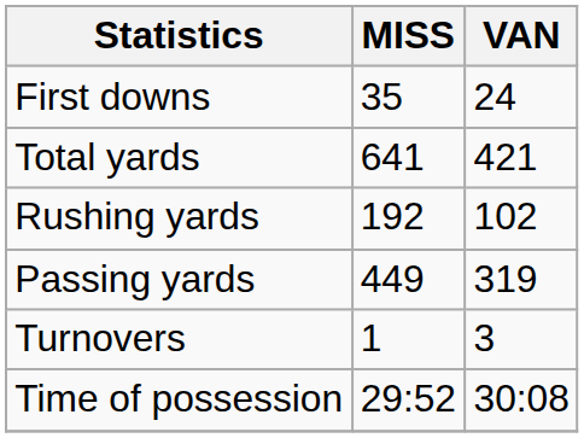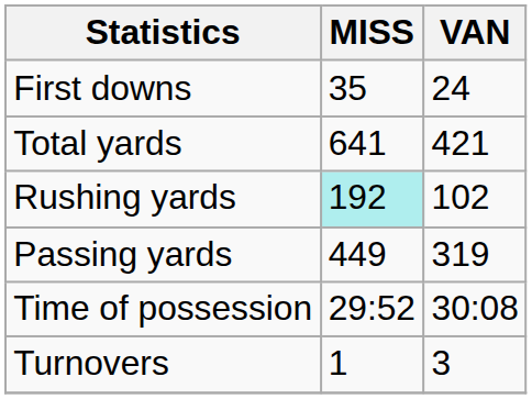 <table class="wikitable">
 <tr>
 <th>Statistics</th>
 <th>MISS</th>
 <th>VAN</th>
 </tr>
 <tr>
 <td>First downs</td>
 <td>35</td>
 <td>24</td>
 </tr>
 <tr>
 <td>Total yards</td>
 <td>641</td>
 <td>421</td>
 </tr>
 <tr>
 <td>Rushing yards</td>
-<td>192</td>
+<td style="background: paleturquoise;">192</td>
 <td>102</td>
 </tr>
 <tr>
 <td>Passing yards</td>
 <td>449</td>
 <td>319</td>
 </tr>
 <tr>
+<td>Time of possession</td>
+<td>29:52</td>
+<td>30:08</td>
+</tr>
+<tr>
 <td>Turnovers</td>
 <td>1</td>
 <td>3</td>
 </tr>
 <tr>
-<td>Time of possession</td>
-<td>29:52</td>
-<td>30:08</td>
-</tr>
-<tr>
 </tr>
 </table>
